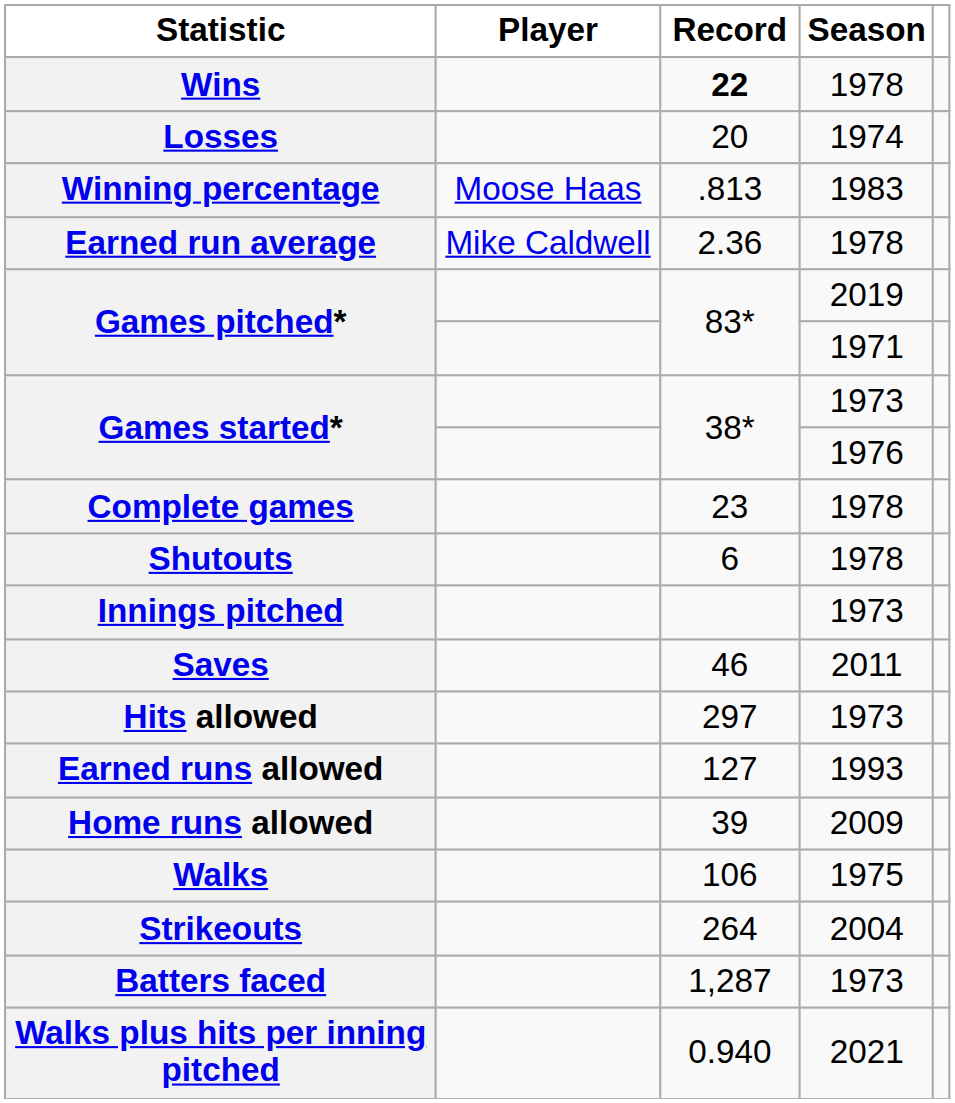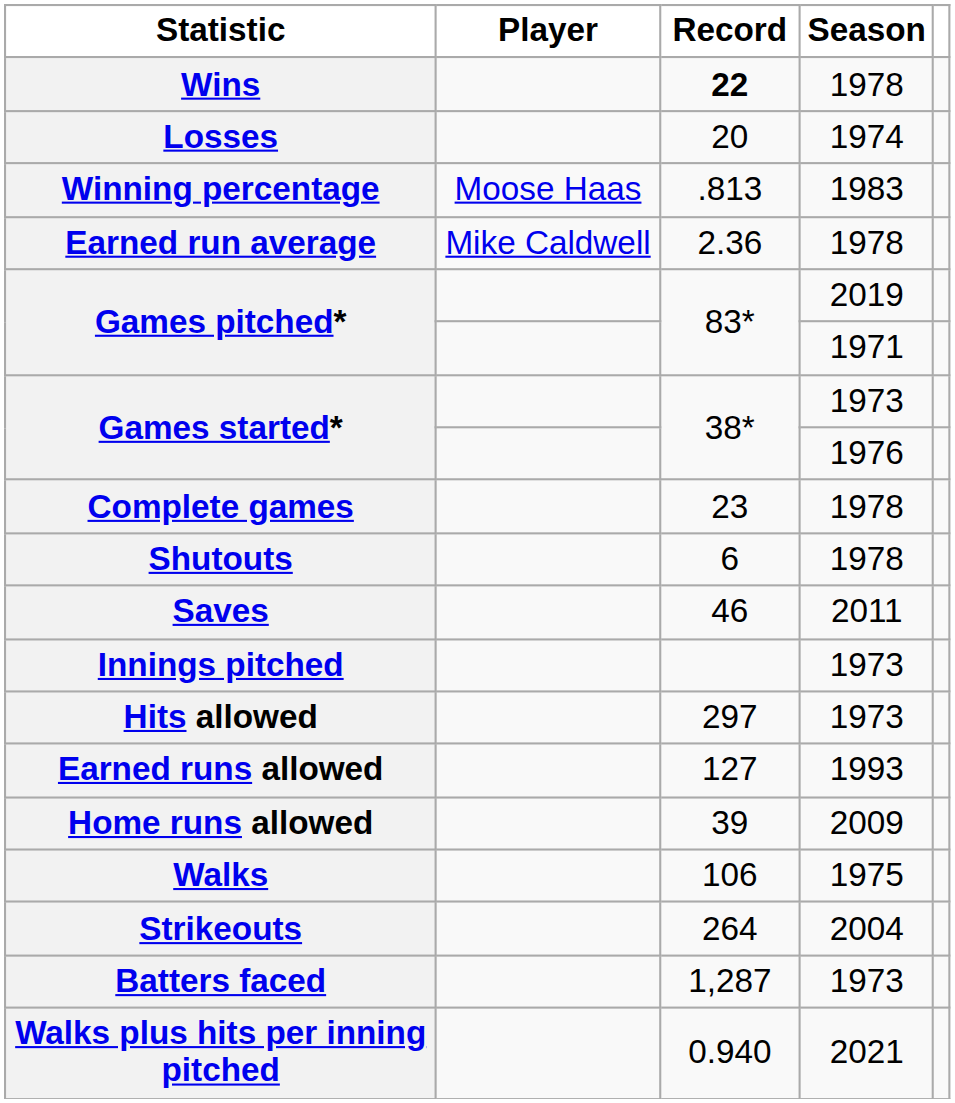 <table class="sortable wikitable plainrowheaders" style="text-align:center">
 <tr>
 <th width="200px" scope="col" style="background-color:#ffffff; border-top:#">Statistic</th>
 <th width="100px" scope="col" style="background-color:#ffffff; border-top:#">Player</th>
 <th width="60px" class="unsortable" scope="col" style="background-color:#ffffff; border-top:#">Record</th>
 <th scope="col" style="background-color:#ffffff; border-top:#">Season</th>
 <th class="unsortable" scope="col" style="background-color:#ffffff; border-top:#"></th>
 </tr>
 <tr>
 <th scope="row" style="text-align:center"><a href='#'>Wins</a></th>
 <td></td>
 <td><strong>22</strong></td>
 <td>1978</td>
 <td></td>
 </tr>
 <tr>
 <th scope="row" style="text-align:center"><a href='#'>Losses</a></th>
 <td></td>
 <td>20</td>
 <td>1974</td>
 <td></td>
 </tr>
 <tr>
 <th scope="row" style="text-align:center"><a href='#'>Winning percentage</a></th>
 <td><a href='#'>Moose Haas</a></td>
 <td>.813</td>
 <td>1983</td>
 <td></td>
 </tr>
 <tr>
 <th scope="row" style="text-align:center"><a href='#'>Earned run average</a></th>
 <td><a href='#'>Mike Caldwell</a></td>
 <td>2.36</td>
 <td>1978</td>
 <td></td>
 </tr>
 <tr>
 <th scope="row" style="text-align:center" rowspan="2"><a href='#'>Games pitched</a>*</th>
 <td></td>
 <td rowspan="2">83*</td>
 <td>2019</td>
 <td></td>
 </tr>
 <tr>
 <td></td>
 <td>1971</td>
 <td></td>
 </tr>
 <tr>
 <th scope="row" style="text-align:center" rowspan="2"><a href='#'>Games started</a>*</th>
 <td></td>
 <td rowspan="2">38*</td>
 <td>1973</td>
 <td></td>
 </tr>
 <tr>
 <td></td>
 <td>1976</td>
 <td></td>
 </tr>
 <tr>
 <th scope="row" style="text-align:center"><a href='#'>Complete games</a></th>
 <td></td>
 <td>23</td>
 <td>1978</td>
 <td></td>
 </tr>
 <tr>
 <th scope="row" style="text-align:center"><a href='#'>Shutouts</a></th>
 <td></td>
 <td>6</td>
 <td>1978</td>
 <td></td>
 </tr>
 <tr>
+<th scope="row" style="text-align:center"><a href='#'>Saves</a></th>
+<td></td>
+<td>46</td>
+<td>2011</td>
+<td></td>
+</tr>
+<tr>
 <th scope="row" style="text-align:center"><a href='#'>Innings pitched</a></th>
 <td></td>
 <td></td>
 <td>1973</td>
-<td></td>
-</tr>
-<tr>
-<th scope="row" style="text-align:center"><a href='#'>Saves</a></th>
-<td></td>
-<td>46</td>
-<td>2011</td>
 <td></td>
 </tr>
 <tr>
 <th scope="row" style="text-align:center"><a href='#'>Hits</a> allowed</th>
 <td></td>
 <td>297</td>
 <td>1973</td>
 <td></td>
 </tr>
 <tr>
 <th scope="row" style="text-align:center"><a href='#'>Earned runs</a> allowed</th>
 <td></td>
 <td>127</td>
 <td>1993</td>
 <td></td>
 </tr>
 <tr>
 <th scope="row" style="text-align:center"><a href='#'>Home runs</a> allowed</th>
 <td></td>
 <td>39</td>
 <td>2009</td>
 <td></td>
 </tr>
 <tr>
 <th scope="row" style="text-align:center"><a href='#'>Walks</a></th>
 <td></td>
 <td>106</td>
 <td>1975</td>
 <td></td>
 </tr>
 <tr>
 <th scope="row" style="text-align:center"><a href='#'>Strikeouts</a></th>
 <td></td>
 <td>264</td>
 <td>2004</td>
 <td></td>
 </tr>
 <tr>
 <th scope="row" style="text-align:center"><a href='#'>Batters faced</a></th>
 <td></td>
 <td>1,287</td>
 <td>1973</td>
 <td></td>
 </tr>
 <tr>
 <th scope="row" style="text-align:center"><a href='#'>Walks plus hits per inning pitched</a></th>
 <td></td>
 <td>0.940</td>
 <td>2021</td>
 <td></td>
 </tr>
 </table>
